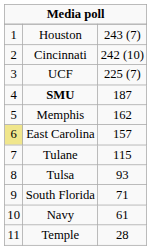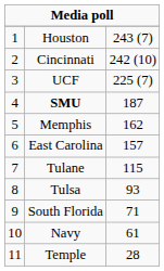 <table class="wikitable">
 <tr align="center">
 <td align="center" Colspan="3"><strong>Media poll</strong></td>
 </tr>
 <tr align="center">
 </tr>
 <tr align="center">
 <td>1</td>
 <td>Houston</td>
 <td>243 (7)</td>
 </tr>
 <tr align="center">
 <td>2</td>
 <td>Cincinnati</td>
 <td>242 (10)</td>
 </tr>
 <tr align="center">
 <td>3</td>
 <td>UCF</td>
 <td>225 (7)</td>
 </tr>
 <tr align="center">
 <td>4</td>
 <td><strong>SMU</strong></td>
 <td>187</td>
 </tr>
 <tr align="center">
 <td>5</td>
 <td>Memphis</td>
 <td>162</td>
 </tr>
 <tr align="center">
-<td style="background: khaki;">6</td>
+<td>6</td>
 <td>East Carolina</td>
 <td>157</td>
 </tr>
 <tr align="center">
 <td>7</td>
 <td>Tulane</td>
 <td>115</td>
 </tr>
 <tr align="center">
 <td>8</td>
 <td>Tulsa</td>
 <td>93</td>
 </tr>
 <tr align="center">
 <td>9</td>
 <td>South Florida</td>
 <td>71</td>
 </tr>
 <tr align="center">
 <td>10</td>
 <td>Navy</td>
 <td>61</td>
 </tr>
 <tr align="center">
 <td>11</td>
 <td>Temple</td>
 <td>28</td>
 </tr>
 </table>
